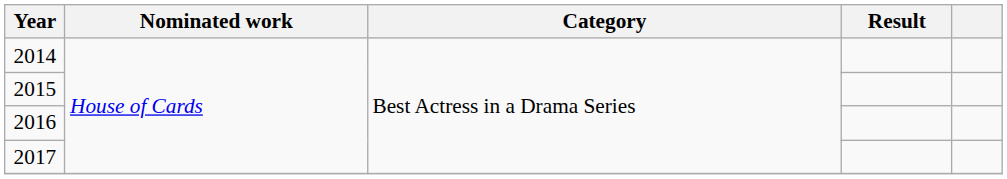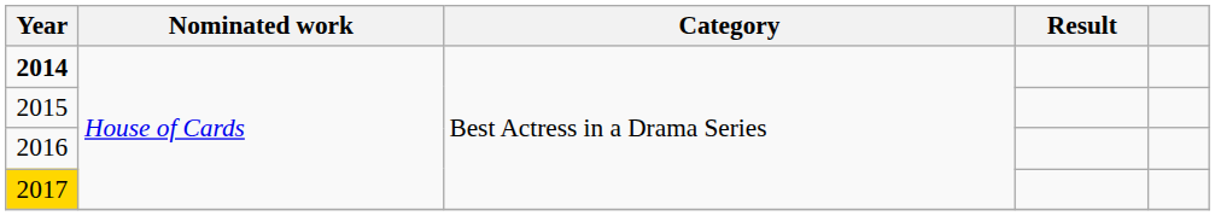 <table class="wikitable plainrowheaders" style="width:85%;">
 <tr>
 <th width="6%" scope="col">Year</th>
 <th width="30%" scope="col">Nominated work</th>
 <th width="47%" scope="col">Category</th>
 <th width="11%" scope="col">Result</th>
 <th width="5%" scope="col" class="unsortable"></th>
 </tr>
 <tr>
-<td style="text-align:center;">2014</td>
+<td style="text-align:center;"><strong>2014</strong></td>
 <td rowspan="4"><em><a href='#'>House of Cards</a></em></td>
 <td rowspan="4">Best Actress in a Drama Series</td>
 <td></td>
 <td></td>
 </tr>
 <tr>
 <td style="text-align:center;">2015</td>
 <td></td>
 <td></td>
 </tr>
 <tr>
 <td style="text-align:center;">2016</td>
 <td></td>
 <td></td>
 </tr>
 <tr>
-<td style="text-align:center;">2017</td>
+<td style="background: gold; text-align:center;">2017</td>
 <td></td>
 <td></td>
 </tr>
 <tr>
 </tr>
 </table>
